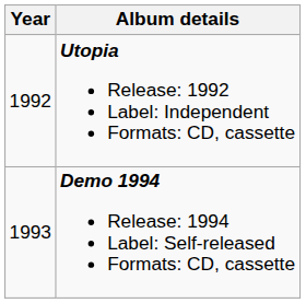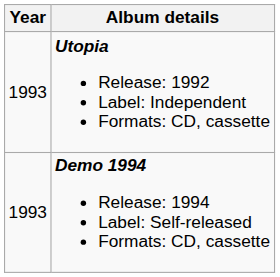 <table class ="wikitable">
 <tr>
 <th scope="col">Year</th>
 <th scope="col">Album details</th>
 </tr>
 <tr>
-<td align="center">1992</td>
+<td align="center">1993</td>
 <td><strong><em>Utopia</em></strong><br><ul><li>Release: 1992</li><li>Label: Independent</li><li>Formats: CD, cassette</li></ul></td>
 </tr>
 <tr>
 <td align="center">1993</td>
 <td><strong><em>Demo 1994</em></strong><br><ul><li>Release: 1994</li><li>Label: Self-released</li><li>Formats: CD, cassette</li></ul></td>
 </tr>
 </table>
